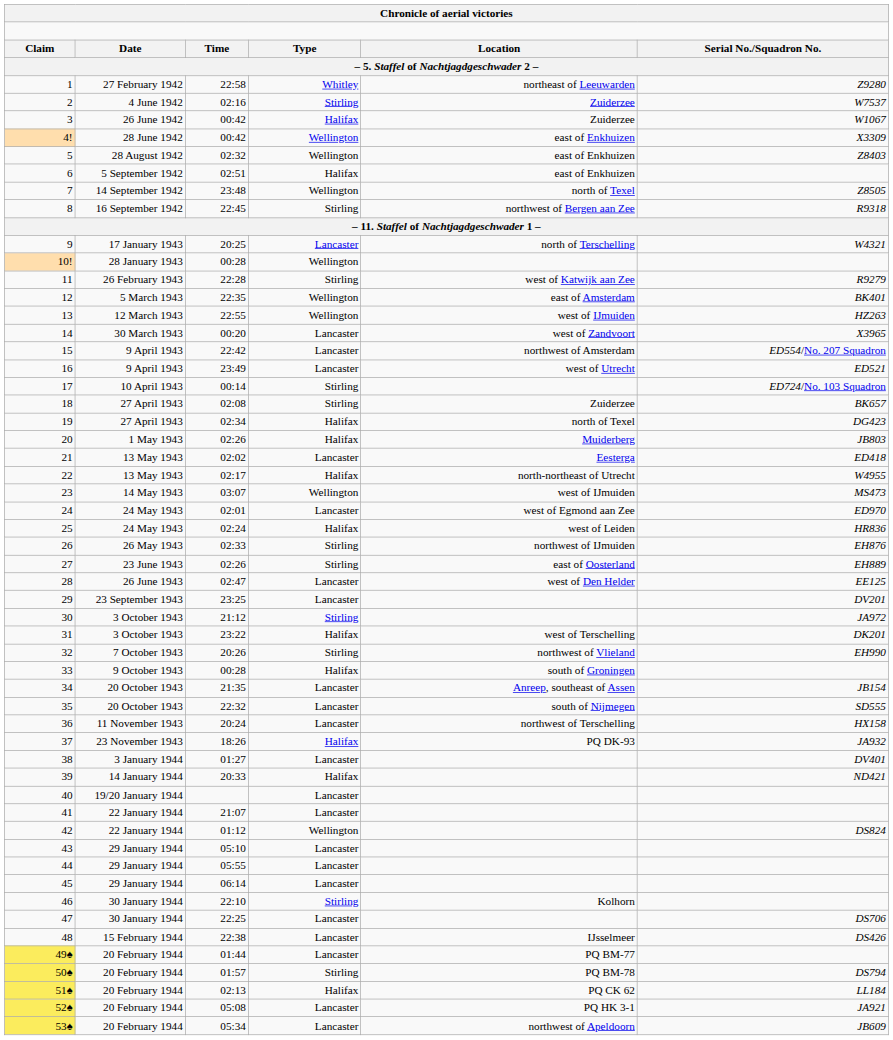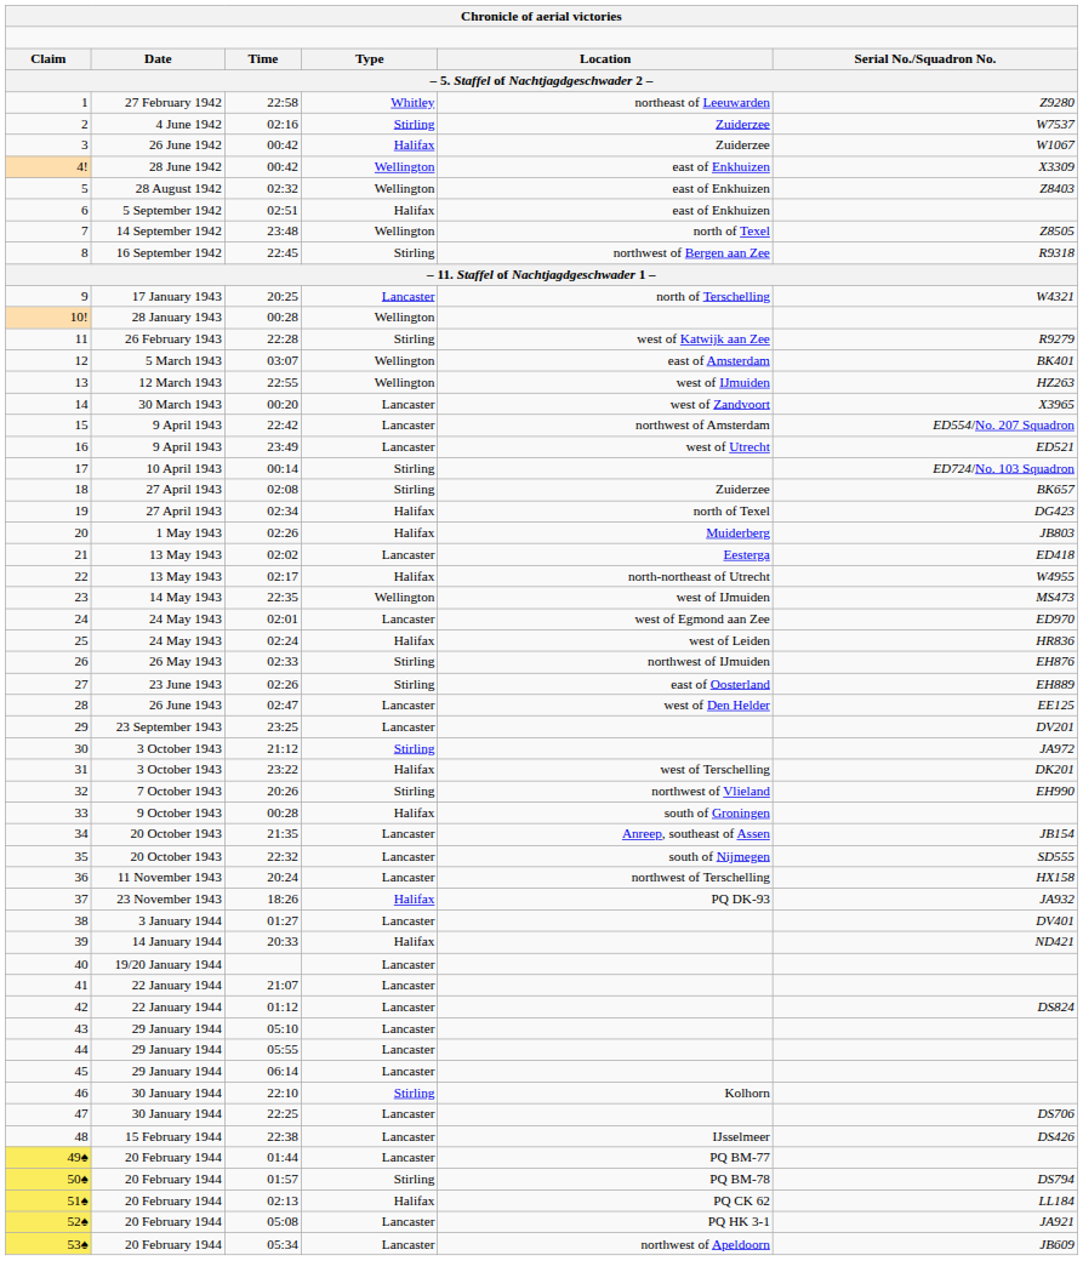 <table class="wikitable plainrowheaders collapsible" style="margin-left: auto; margin-right: auto; border: none; text-align:right; width: 100%;">
 <tr>
 <th colspan="6">Chronicle of aerial victories</th>
 </tr>
 <tr>
 <td colspan="6" style="text-align: left;"><br> </td>
 </tr>
 <tr>
 <th scope="col">Claim</th>
 <th scope="col" style="width:150px">Date</th>
 <th scope="col">Time</th>
 <th scope="col">Type</th>
 <th scope="col">Location</th>
 <th scope="col">Serial No./Squadron No.</th>
 </tr>
 <tr>
 <th colspan="6">– 5. <em>Staffel</em> of <em>Nachtjagdgeschwader</em> 2 –</th>
 </tr>
 <tr>
 <td>1</td>
 <td>27 February 1942</td>
 <td>22:58</td>
 <td><a href='#'>Whitley</a></td>
 <td> northeast of <a href='#'>Leeuwarden</a></td>
 <td><em>Z9280</em></td>
 </tr>
 <tr>
 <td>2</td>
 <td>4 June 1942</td>
 <td>02:16</td>
 <td><a href='#'>Stirling</a></td>
 <td><a href='#'>Zuiderzee</a></td>
 <td><em>W7537</em></td>
 </tr>
 <tr>
 <td>3</td>
 <td>26 June 1942</td>
 <td>00:42</td>
 <td><a href='#'>Halifax</a></td>
 <td>Zuiderzee</td>
 <td><em>W1067</em></td>
 </tr>
 <tr>
 <td style="background:#ffdead">4!</td>
 <td>28 June 1942</td>
 <td>00:42</td>
 <td><a href='#'>Wellington</a></td>
 <td>east of <a href='#'>Enkhuizen</a></td>
 <td><em>X3309</em></td>
 </tr>
 <tr>
 <td>5</td>
 <td>28 August 1942</td>
 <td>02:32</td>
 <td>Wellington</td>
 <td>east of Enkhuizen</td>
 <td><em>Z8403</em></td>
 </tr>
 <tr>
 <td>6</td>
 <td>5 September 1942</td>
 <td>02:51</td>
 <td>Halifax</td>
 <td> east of Enkhuizen</td>
 <td></td>
 </tr>
 <tr>
 <td>7</td>
 <td>14 September 1942</td>
 <td>23:48</td>
 <td>Wellington</td>
 <td>north of <a href='#'>Texel</a></td>
 <td><em>Z8505</em></td>
 </tr>
 <tr>
 <td>8</td>
 <td>16 September 1942</td>
 <td>22:45</td>
 <td>Stirling</td>
 <td> northwest of <a href='#'>Bergen aan Zee</a></td>
 <td><em>R9318</em></td>
 </tr>
 <tr>
 <th colspan="6">– 11. <em>Staffel</em> of <em>Nachtjagdgeschwader</em> 1 –</th>
 </tr>
 <tr>
 <td>9</td>
 <td>17 January 1943</td>
 <td>20:25</td>
 <td><a href='#'>Lancaster</a></td>
 <td> north of <a href='#'>Terschelling</a></td>
 <td><em>W4321</em></td>
 </tr>
 <tr>
 <td style="background:#ffdead">10!</td>
 <td>28 January 1943</td>
 <td>00:28</td>
 <td>Wellington</td>
 <td></td>
 <td></td>
 </tr>
 <tr>
 <td>11</td>
 <td>26 February 1943</td>
 <td>22:28</td>
 <td>Stirling</td>
 <td> west of <a href='#'>Katwijk aan Zee</a></td>
 <td><em>R9279</em></td>
 </tr>
 <tr>
 <td>12</td>
 <td>5 March 1943</td>
-<td>22:35</td>
+<td>03:07</td>
 <td>Wellington</td>
 <td> east of <a href='#'>Amsterdam</a></td>
 <td><em>BK401</em></td>
 </tr>
 <tr>
 <td>13</td>
 <td>12 March 1943</td>
 <td>22:55</td>
 <td>Wellington</td>
 <td> west of <a href='#'>IJmuiden</a></td>
 <td><em>HZ263</em></td>
 </tr>
 <tr>
 <td>14</td>
 <td>30 March 1943</td>
 <td>00:20</td>
 <td>Lancaster</td>
 <td> west of <a href='#'>Zandvoort</a></td>
 <td><em>X3965</em></td>
 </tr>
 <tr>
 <td>15</td>
 <td>9 April 1943</td>
 <td>22:42</td>
 <td>Lancaster</td>
 <td> northwest of Amsterdam</td>
 <td><em>ED554</em>/<a href='#'>No. 207 Squadron</a></td>
 </tr>
 <tr>
 <td>16</td>
 <td>9 April 1943</td>
 <td>23:49</td>
 <td>Lancaster</td>
 <td> west of <a href='#'>Utrecht</a></td>
 <td><em>ED521</em></td>
 </tr>
 <tr>
 <td>17</td>
 <td>10 April 1943</td>
 <td>00:14</td>
 <td>Stirling</td>
 <td></td>
 <td><em>ED724</em>/<a href='#'>No. 103 Squadron</a></td>
 </tr>
 <tr>
 <td>18</td>
 <td>27 April 1943</td>
 <td>02:08</td>
 <td>Stirling</td>
 <td>Zuiderzee</td>
 <td><em>BK657</em></td>
 </tr>
 <tr>
 <td>19</td>
 <td>27 April 1943</td>
 <td>02:34</td>
 <td>Halifax</td>
 <td>north of Texel</td>
 <td><em>DG423</em></td>
 </tr>
 <tr>
 <td>20</td>
 <td>1 May 1943</td>
 <td>02:26</td>
 <td>Halifax</td>
 <td><a href='#'>Muiderberg</a></td>
 <td><em>JB803</em></td>
 </tr>
 <tr>
 <td>21</td>
 <td>13 May 1943</td>
 <td>02:02</td>
 <td>Lancaster</td>
 <td><a href='#'>Eesterga</a></td>
 <td><em>ED418</em></td>
 </tr>
 <tr>
 <td>22</td>
 <td>13 May 1943</td>
 <td>02:17</td>
 <td>Halifax</td>
 <td> north-northeast of Utrecht</td>
 <td><em>W4955</em></td>
 </tr>
 <tr>
 <td>23</td>
 <td>14 May 1943</td>
-<td>03:07</td>
+<td>22:35</td>
 <td>Wellington</td>
 <td> west of IJmuiden</td>
 <td><em>MS473</em></td>
 </tr>
 <tr>
 <td>24</td>
 <td>24 May 1943</td>
 <td>02:01</td>
 <td>Lancaster</td>
 <td> west of Egmond aan Zee</td>
 <td><em>ED970</em></td>
 </tr>
 <tr>
 <td>25</td>
 <td>24 May 1943</td>
 <td>02:24</td>
 <td>Halifax</td>
 <td> west of Leiden</td>
 <td><em>HR836</em></td>
 </tr>
 <tr>
 <td>26</td>
 <td>26 May 1943</td>
 <td>02:33</td>
 <td>Stirling</td>
 <td> northwest of IJmuiden</td>
 <td><em>EH876</em></td>
 </tr>
 <tr>
 <td>27</td>
 <td>23 June 1943</td>
 <td>02:26</td>
 <td>Stirling</td>
 <td> east of <a href='#'>Oosterland</a></td>
 <td><em>EH889</em></td>
 </tr>
 <tr>
 <td>28</td>
 <td>26 June 1943</td>
 <td>02:47</td>
 <td>Lancaster</td>
 <td> west of <a href='#'>Den Helder</a></td>
 <td><em>EE125</em></td>
 </tr>
 <tr>
 <td>29</td>
 <td>23 September 1943</td>
 <td>23:25</td>
 <td>Lancaster</td>
 <td></td>
 <td><em>DV201</em></td>
 </tr>
 <tr>
 <td>30</td>
 <td>3 October 1943</td>
 <td>21:12</td>
 <td><a href='#'>Stirling</a></td>
 <td></td>
 <td><em>JA972</em></td>
 </tr>
 <tr>
 <td>31</td>
 <td>3 October 1943</td>
 <td>23:22</td>
 <td>Halifax</td>
 <td>west of Terschelling</td>
 <td><em>DK201</em></td>
 </tr>
 <tr>
 <td>32</td>
 <td>7 October 1943</td>
 <td>20:26</td>
 <td>Stirling</td>
 <td> northwest of <a href='#'>Vlieland</a></td>
 <td><em>EH990</em></td>
 </tr>
 <tr>
 <td>33</td>
 <td>9 October 1943</td>
 <td>00:28</td>
 <td>Halifax</td>
 <td> south of <a href='#'>Groningen</a></td>
 <td></td>
 </tr>
 <tr>
 <td>34</td>
 <td>20 October 1943</td>
 <td>21:35</td>
 <td>Lancaster</td>
 <td><a href='#'>Anreep</a>, southeast of <a href='#'>Assen</a></td>
 <td><em>JB154</em></td>
 </tr>
 <tr>
 <td>35</td>
 <td>20 October 1943</td>
 <td>22:32</td>
 <td>Lancaster</td>
 <td> south of <a href='#'>Nijmegen</a></td>
 <td><em>SD555</em></td>
 </tr>
 <tr>
 <td>36</td>
 <td>11 November 1943</td>
 <td>20:24</td>
 <td>Lancaster</td>
 <td> northwest of Terschelling</td>
 <td><em>HX158</em></td>
 </tr>
 <tr>
 <td>37</td>
 <td>23 November 1943</td>
 <td>18:26</td>
 <td><a href='#'>Halifax</a></td>
 <td>PQ DK-93</td>
 <td><em>JA932</em></td>
 </tr>
 <tr>
 <td>38</td>
 <td>3 January 1944</td>
 <td>01:27</td>
 <td>Lancaster</td>
 <td></td>
 <td><em>DV401</em></td>
 </tr>
 <tr>
 <td>39</td>
 <td>14 January 1944</td>
 <td>20:33</td>
 <td>Halifax</td>
 <td></td>
 <td><em>ND421</em></td>
 </tr>
 <tr>
 <td>40</td>
 <td>19/20 January 1944</td>
 <td></td>
 <td>Lancaster</td>
 <td></td>
 <td></td>
 </tr>
 <tr>
 <td>41</td>
 <td>22 January 1944</td>
 <td>21:07</td>
 <td>Lancaster</td>
 <td></td>
 <td></td>
 </tr>
 <tr>
 <td>42</td>
 <td>22 January 1944</td>
 <td>01:12</td>
-<td>Wellington</td>
+<td>Lancaster</td>
 <td></td>
 <td><em>DS824</em></td>
 </tr>
 <tr>
 <td>43</td>
 <td>29 January 1944</td>
 <td>05:10</td>
 <td>Lancaster</td>
 <td></td>
 <td></td>
 </tr>
 <tr>
 <td>44</td>
 <td>29 January 1944</td>
 <td>05:55</td>
 <td>Lancaster</td>
 <td></td>
 <td></td>
 </tr>
 <tr>
 <td>45</td>
 <td>29 January 1944</td>
 <td>06:14</td>
 <td>Lancaster</td>
 <td></td>
 <td></td>
 </tr>
 <tr>
 <td>46</td>
 <td>30 January 1944</td>
 <td>22:10</td>
 <td><a href='#'>Stirling</a></td>
 <td>Kolhorn</td>
 <td></td>
 </tr>
 <tr>
 <td>47</td>
 <td>30 January 1944</td>
 <td>22:25</td>
 <td>Lancaster</td>
 <td></td>
 <td><em>DS706</em></td>
 </tr>
 <tr>
 <td>48</td>
 <td>15 February 1944</td>
 <td>22:38</td>
 <td>Lancaster</td>
 <td>IJsselmeer</td>
 <td><em>DS426</em></td>
 </tr>
 <tr>
 <td style="background:#fbec5d;">49♠</td>
 <td>20 February 1944</td>
 <td>01:44</td>
 <td>Lancaster</td>
 <td>PQ BM-77</td>
 <td></td>
 </tr>
 <tr>
 <td style="background:#fbec5d;">50♠</td>
 <td>20 February 1944</td>
 <td>01:57</td>
 <td>Stirling</td>
 <td>PQ BM-78</td>
 <td><em>DS794</em></td>
 </tr>
 <tr>
 <td style="background:#fbec5d;">51♠</td>
 <td>20 February 1944</td>
 <td>02:13</td>
 <td>Halifax</td>
 <td>PQ CK 62</td>
 <td><em>LL184</em></td>
 </tr>
 <tr>
 <td style="background:#fbec5d;">52♠</td>
 <td>20 February 1944</td>
 <td>05:08</td>
 <td>Lancaster</td>
 <td>PQ HK 3-1</td>
 <td><em>JA921</em></td>
 </tr>
 <tr>
 <td style="background:#fbec5d;">53♠</td>
 <td>20 February 1944</td>
 <td>05:34</td>
 <td>Lancaster</td>
 <td> northwest of <a href='#'>Apeldoorn</a></td>
 <td><em>JB609</em></td>
 </tr>
 </table>
